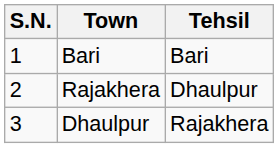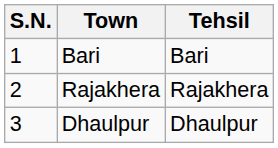 <table class="wikitable">
 <tr>
 <th>S.N.</th>
 <th>Town</th>
 <th>Tehsil</th>
 </tr>
 <tr>
 <td>1</td>
 <td>Bari</td>
 <td>Bari</td>
 </tr>
 <tr>
 <td>2</td>
 <td>Rajakhera</td>
-<td>Dhaulpur</td>
+<td>Rajakhera</td>
 </tr>
 <tr>
 <td>3</td>
 <td>Dhaulpur</td>
-<td>Rajakhera</td>
+<td>Dhaulpur</td>
 </tr>
 </table>
